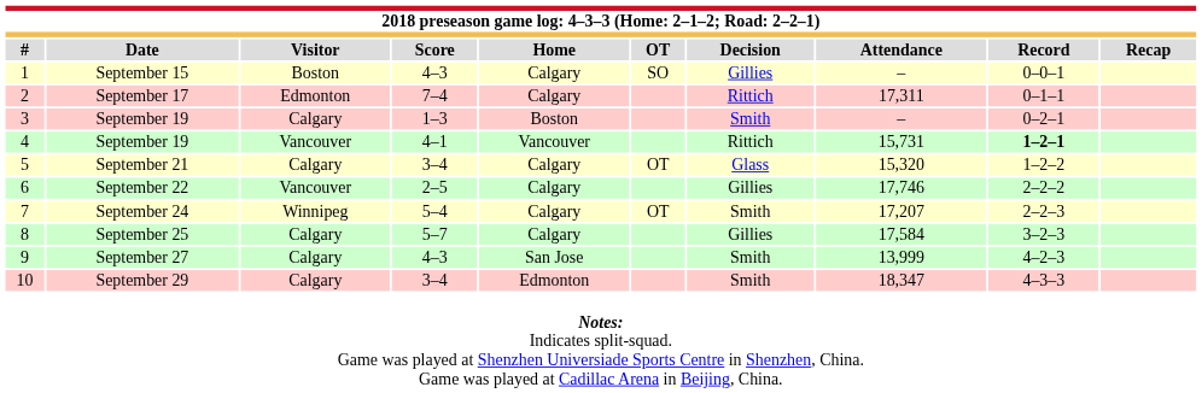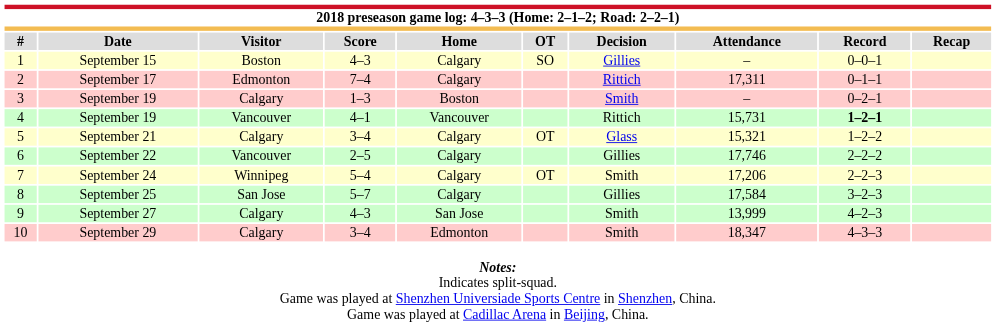 <table class="toccolours collapsible collapsed" style="width:90%; clear:both; margin:1.5em auto; text-align:center;">
 <tr>
 <th colspan="10" style="background:#FFFFFF; border-top:#CE1126 5px solid; border-bottom:#F3BC52 5px solid;">2018 preseason game log: 4–3–3 (Home: 2–1–2; Road: 2–2–1)</th>
 </tr>
 <tr style="background:#ddd;">
 <th>#</th>
 <th>Date</th>
 <th>Visitor</th>
 <th>Score</th>
 <th>Home</th>
 <th>OT</th>
 <th>Decision</th>
 <th>Attendance</th>
 <th>Record</th>
 <th>Recap</th>
 </tr>
 <tr style="background:#ffc;">
 <td>1</td>
 <td>September 15</td>
 <td>Boston</td>
 <td>4–3</td>
 <td>Calgary</td>
 <td>SO</td>
 <td><a href='#'>Gillies</a></td>
 <td>–</td>
 <td>0–0–1</td>
 <td></td>
 </tr>
 <tr style="background:#fcc;">
 <td>2</td>
 <td>September 17</td>
 <td>Edmonton</td>
 <td>7–4</td>
 <td>Calgary</td>
 <td></td>
 <td><a href='#'>Rittich</a></td>
 <td>17,311</td>
 <td>0–1–1</td>
 <td></td>
 </tr>
 <tr style="background:#fcc;">
 <td>3</td>
 <td>September 19</td>
 <td>Calgary</td>
 <td>1–3</td>
 <td>Boston</td>
 <td></td>
 <td><a href='#'>Smith</a></td>
 <td>–</td>
 <td>0–2–1</td>
 <td></td>
 </tr>
 <tr style="background:#cfc;">
 <td>4</td>
 <td>September 19</td>
 <td>Vancouver</td>
 <td>4–1</td>
 <td>Vancouver</td>
 <td></td>
 <td>Rittich</td>
 <td>15,731</td>
 <td><strong>1–2–1</strong></td>
 <td></td>
 </tr>
 <tr style="background:#ffc;">
 <td>5</td>
 <td>September 21</td>
 <td>Calgary</td>
 <td>3–4</td>
 <td>Calgary</td>
 <td>OT</td>
 <td><a href='#'>Glass</a></td>
-<td>15,320</td>
+<td>15,321</td>
 <td>1–2–2</td>
 <td></td>
 </tr>
 <tr style="background:#cfc;">
 <td>6</td>
 <td>September 22</td>
 <td>Vancouver</td>
 <td>2–5</td>
 <td>Calgary</td>
 <td></td>
 <td>Gillies</td>
 <td>17,746</td>
 <td>2–2–2</td>
 <td></td>
 </tr>
 <tr style="background:#ffc;">
 <td>7</td>
 <td>September 24</td>
 <td>Winnipeg</td>
 <td>5–4</td>
 <td>Calgary</td>
 <td>OT</td>
 <td>Smith</td>
-<td>17,207</td>
+<td>17,206</td>
 <td>2–2–3</td>
 <td></td>
 </tr>
 <tr style="background:#cfc;">
 <td>8</td>
 <td>September 25</td>
-<td>Calgary</td>
+<td>San Jose</td>
 <td>5–7</td>
 <td>Calgary</td>
 <td></td>
 <td>Gillies</td>
 <td>17,584</td>
 <td>3–2–3</td>
 <td></td>
 </tr>
 <tr style="background:#cfc;">
 <td>9</td>
 <td>September 27</td>
 <td>Calgary</td>
 <td>4–3</td>
 <td>San Jose</td>
 <td></td>
 <td>Smith</td>
 <td>13,999</td>
 <td>4–2–3</td>
 <td></td>
 </tr>
 <tr style="background:#fcc;">
 <td>10</td>
 <td>September 29</td>
 <td>Calgary</td>
 <td>3–4</td>
 <td>Edmonton</td>
 <td></td>
 <td>Smith</td>
 <td>18,347</td>
 <td>4–3–3</td>
 <td></td>
 </tr>
 <tr>
 <td colspan="10" style="text-align:center;"><br><strong><em>Notes:</em></strong><br>  Indicates split-squad.<br>  Game was played at <a href='#'>Shenzhen Universiade Sports Centre</a> in <a href='#'>Shenzhen</a>, China.<br>  Game was played at <a href='#'>Cadillac Arena</a> in <a href='#'>Beijing</a>, China.</td>
 </tr>
 </table>
